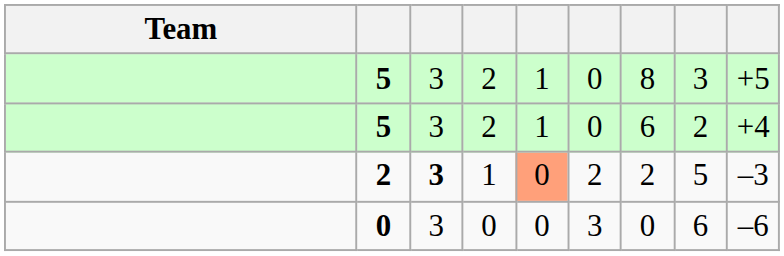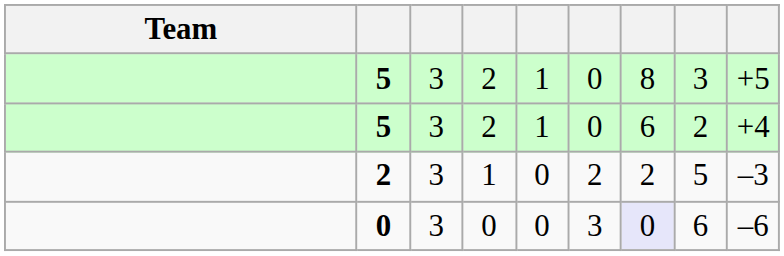 <table class="wikitable" style="text-align:center">
 <tr>
 <th width="175">Team</th>
 <th width="20"></th>
 <th width="20"></th>
 <th width="20"></th>
 <th width="20"></th>
 <th width="20"></th>
 <th width="20"></th>
 <th width="20"></th>
 <th width="20"></th>
 </tr>
 <tr bgcolor=#CCFFCC>
 <td align=left></td>
 <td><strong>5</strong></td>
 <td>3</td>
 <td>2</td>
 <td>1</td>
 <td>0</td>
 <td>8</td>
 <td>3</td>
 <td>+5</td>
 </tr>
 <tr bgcolor=#CCFFCC>
 <td align=left></td>
 <td><strong>5</strong></td>
 <td>3</td>
 <td>2</td>
 <td>1</td>
 <td>0</td>
 <td>6</td>
 <td>2</td>
 <td>+4</td>
 </tr>
 <tr>
 <td align=left></td>
 <td><strong>2</strong></td>
-<td><strong>3</strong></td>
+<td>3</td>
 <td>1</td>
-<td style="background: lightsalmon;">0</td>
+<td>0</td>
 <td>2</td>
 <td>2</td>
 <td>5</td>
 <td>–3</td>
 </tr>
 <tr>
 <td align=left></td>
 <td><strong>0</strong></td>
 <td>3</td>
 <td>0</td>
 <td>0</td>
 <td>3</td>
-<td>0</td>
+<td style="background: lavender;">0</td>
 <td>6</td>
 <td>–6</td>
 </tr>
 </table>
